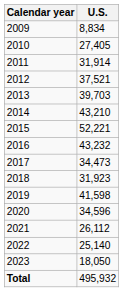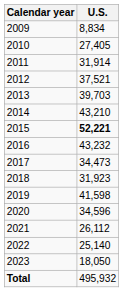 <table class=wikitable style="font-size:97%">
 <tr>
 <th>Calendar year</th>
 <th>U.S.</th>
 </tr>
 <tr>
 <td>2009</td>
 <td>8,834</td>
 </tr>
 <tr>
 <td>2010</td>
 <td>27,405</td>
 </tr>
 <tr>
 <td>2011</td>
 <td>31,914</td>
 </tr>
 <tr>
 <td>2012</td>
 <td>37,521</td>
 </tr>
 <tr>
 <td>2013</td>
 <td>39,703</td>
 </tr>
 <tr>
 <td>2014</td>
 <td>43,210</td>
 </tr>
 <tr>
 <td>2015</td>
-<td>52,221</td>
+<td><strong>52,221</strong></td>
 </tr>
 <tr>
 <td>2016</td>
 <td>43,232</td>
 </tr>
 <tr>
 <td>2017</td>
 <td>34,473</td>
 </tr>
 <tr>
 <td>2018</td>
 <td>31,923</td>
 </tr>
 <tr>
 <td>2019</td>
 <td>41,598</td>
 </tr>
 <tr>
 <td>2020</td>
 <td>34,596</td>
 </tr>
 <tr>
 <td>2021</td>
 <td>26,112</td>
 </tr>
 <tr>
 <td>2022</td>
 <td>25,140</td>
 </tr>
 <tr>
 <td>2023</td>
 <td>18,050</td>
 </tr>
 <tr>
 <td><strong>Total</strong></td>
 <td>495,932</td>
 </tr>
 </table>
